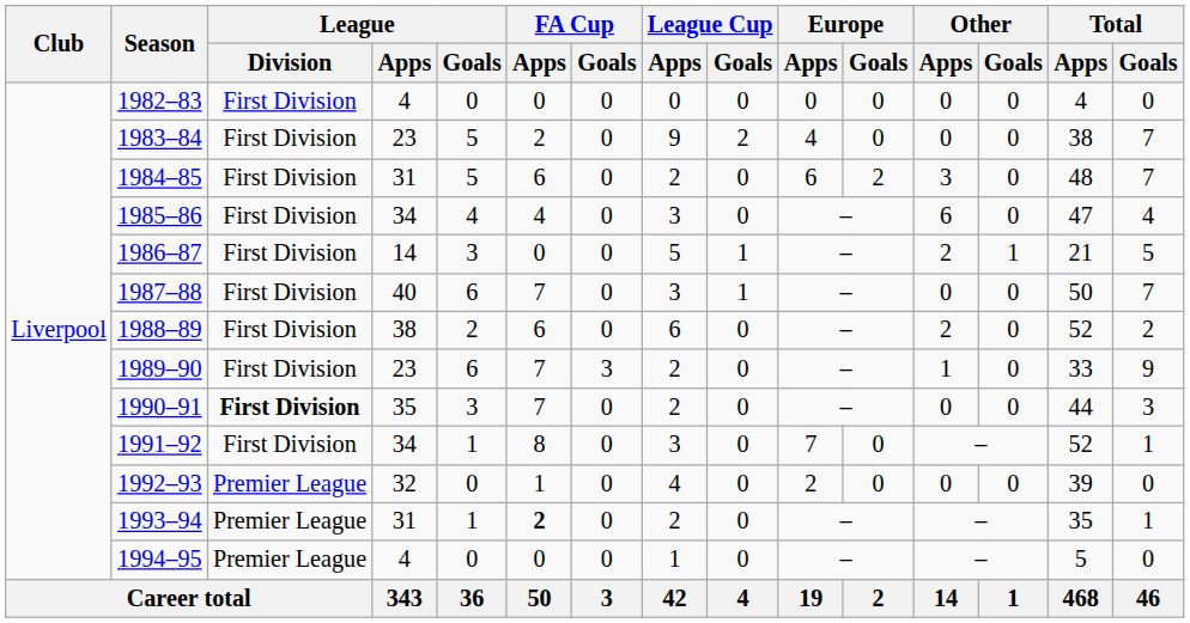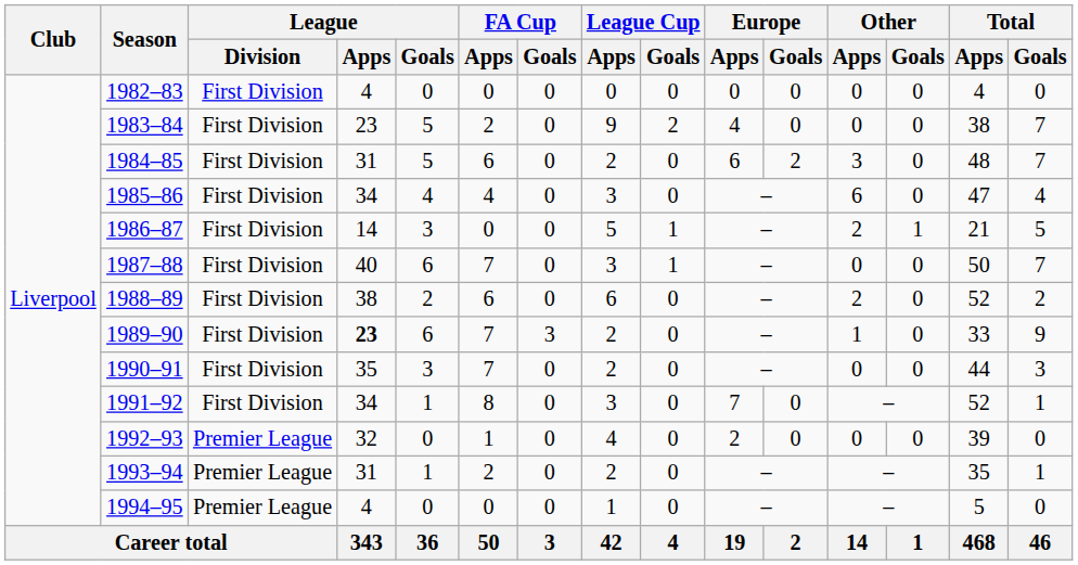 <table class=wikitable style=text-align:center>
 <tr>
 <th rowspan=2>Club</th>
 <th rowspan=2>Season</th>
 <th colspan=3>League</th>
 <th colspan=2><a href='#'>FA Cup</a></th>
 <th colspan=2><a href='#'>League Cup</a></th>
 <th colspan=2>Europe</th>
 <th colspan=2>Other</th>
 <th colspan=2>Total</th>
 </tr>
 <tr>
 <th>Division</th>
 <th>Apps</th>
 <th>Goals</th>
 <th>Apps</th>
 <th>Goals</th>
 <th>Apps</th>
 <th>Goals</th>
 <th>Apps</th>
 <th>Goals</th>
 <th>Apps</th>
 <th>Goals</th>
 <th>Apps</th>
 <th>Goals</th>
 </tr>
 <tr>
 <td rowspan="13"><a href='#'>Liverpool</a></td>
 <td><a href='#'>1982–83</a></td>
 <td><a href='#'>First Division</a></td>
 <td>4</td>
 <td>0</td>
 <td>0</td>
 <td>0</td>
 <td>0</td>
 <td>0</td>
 <td>0</td>
 <td>0</td>
 <td>0</td>
 <td>0</td>
 <td>4</td>
 <td>0</td>
 </tr>
 <tr>
 <td><a href='#'>1983–84</a></td>
 <td>First Division</td>
 <td>23</td>
 <td>5</td>
 <td>2</td>
 <td>0</td>
 <td>9</td>
 <td>2</td>
 <td>4</td>
 <td>0</td>
 <td>0</td>
 <td>0</td>
 <td>38</td>
 <td>7</td>
 </tr>
 <tr>
 <td><a href='#'>1984–85</a></td>
 <td>First Division</td>
 <td>31</td>
 <td>5</td>
 <td>6</td>
 <td>0</td>
 <td>2</td>
 <td>0</td>
 <td>6</td>
 <td>2</td>
 <td>3</td>
 <td>0</td>
 <td>48</td>
 <td>7</td>
 </tr>
 <tr>
 <td><a href='#'>1985–86</a></td>
 <td>First Division</td>
 <td>34</td>
 <td>4</td>
 <td>4</td>
 <td>0</td>
 <td>3</td>
 <td>0</td>
 <td colspan="2">–</td>
 <td>6</td>
 <td>0</td>
 <td>47</td>
 <td>4</td>
 </tr>
 <tr>
 <td><a href='#'>1986–87</a></td>
 <td>First Division</td>
 <td>14</td>
 <td>3</td>
 <td>0</td>
 <td>0</td>
 <td>5</td>
 <td>1</td>
 <td colspan="2">–</td>
 <td>2</td>
 <td>1</td>
 <td>21</td>
 <td>5</td>
 </tr>
 <tr>
 <td><a href='#'>1987–88</a></td>
 <td>First Division</td>
 <td>40</td>
 <td>6</td>
 <td>7</td>
 <td>0</td>
 <td>3</td>
 <td>1</td>
 <td colspan="2">–</td>
 <td>0</td>
 <td>0</td>
 <td>50</td>
 <td>7</td>
 </tr>
 <tr>
 <td><a href='#'>1988–89</a></td>
 <td>First Division</td>
 <td>38</td>
 <td>2</td>
 <td>6</td>
 <td>0</td>
 <td>6</td>
 <td>0</td>
 <td colspan="2">–</td>
 <td>2</td>
 <td>0</td>
 <td>52</td>
 <td>2</td>
 </tr>
 <tr>
 <td><a href='#'>1989–90</a></td>
 <td>First Division</td>
-<td>23</td>
+<td><strong>23</strong></td>
 <td>6</td>
 <td>7</td>
 <td>3</td>
 <td>2</td>
 <td>0</td>
 <td colspan="2">–</td>
 <td>1</td>
 <td>0</td>
 <td>33</td>
 <td>9</td>
 </tr>
 <tr>
 <td><a href='#'>1990–91</a></td>
-<td><strong>First Division</strong></td>
+<td>First Division</td>
 <td>35</td>
 <td>3</td>
 <td>7</td>
 <td>0</td>
 <td>2</td>
 <td>0</td>
 <td colspan="2">–</td>
 <td>0</td>
 <td>0</td>
 <td>44</td>
 <td>3</td>
 </tr>
 <tr>
 <td><a href='#'>1991–92</a></td>
 <td>First Division</td>
 <td>34</td>
 <td>1</td>
 <td>8</td>
 <td>0</td>
 <td>3</td>
 <td>0</td>
 <td>7</td>
 <td>0</td>
 <td colspan="2">–</td>
 <td>52</td>
 <td>1</td>
 </tr>
 <tr>
 <td><a href='#'>1992–93</a></td>
 <td><a href='#'>Premier League</a></td>
 <td>32</td>
 <td>0</td>
 <td>1</td>
 <td>0</td>
 <td>4</td>
 <td>0</td>
 <td>2</td>
 <td>0</td>
 <td>0</td>
 <td>0</td>
 <td>39</td>
 <td>0</td>
 </tr>
 <tr>
 <td><a href='#'>1993–94</a></td>
 <td>Premier League</td>
 <td>31</td>
 <td>1</td>
-<td><strong>2</strong></td>
+<td>2</td>
 <td>0</td>
 <td>2</td>
 <td>0</td>
 <td colspan="2">–</td>
 <td colspan="2">–</td>
 <td>35</td>
 <td>1</td>
 </tr>
 <tr>
 <td><a href='#'>1994–95</a></td>
 <td>Premier League</td>
 <td>4</td>
 <td>0</td>
 <td>0</td>
 <td>0</td>
 <td>1</td>
 <td>0</td>
 <td colspan="2">–</td>
 <td colspan="2">–</td>
 <td>5</td>
 <td>0</td>
 </tr>
 <tr>
 <th colspan=3>Career total</th>
 <th>343</th>
 <th>36</th>
 <th>50</th>
 <th>3</th>
 <th>42</th>
 <th>4</th>
 <th>19</th>
 <th>2</th>
 <th>14</th>
 <th>1</th>
 <th>468</th>
 <th>46</th>
 </tr>
 </table>
